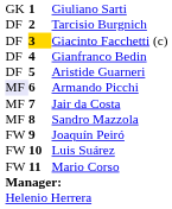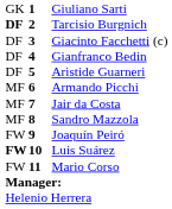 <table style="font-size:90%" cellspacing="0" cellpadding="0" align=center>
 <tr>
 <td colspan="4"></td>
 </tr>
 <tr>
 <th width=25></th>
 <th width=25></th>
 </tr>
 <tr>
 <td>GK</td>
 <td><strong>1</strong></td>
 <td> <a href='#'>Giuliano Sarti</a></td>
 </tr>
 <tr>
-<td>DF</td>
+<td><strong>DF</strong></td>
 <td><strong>2</strong></td>
 <td> <a href='#'>Tarcisio Burgnich</a></td>
 </tr>
 <tr>
 <td>DF</td>
-<td style="background: gold;"><strong>3</strong></td>
+<td><strong>3</strong></td>
 <td> <a href='#'>Giacinto Facchetti</a> (c)</td>
 </tr>
 <tr>
 <td>DF</td>
 <td><strong>4</strong></td>
 <td> <a href='#'>Gianfranco Bedin</a></td>
 </tr>
 <tr>
 <td>DF</td>
 <td><strong>5</strong></td>
 <td> <a href='#'>Aristide Guarneri</a></td>
 </tr>
 <tr>
-<td style="background: lavender;">MF</td>
+<td>MF</td>
 <td><strong>6</strong></td>
 <td> <a href='#'>Armando Picchi</a></td>
 </tr>
 <tr>
 <td>MF</td>
 <td><strong>7</strong></td>
 <td> <a href='#'>Jair da Costa</a></td>
 </tr>
 <tr>
 <td>MF</td>
 <td><strong>8</strong></td>
 <td> <a href='#'>Sandro Mazzola</a></td>
 </tr>
 <tr>
 <td>FW</td>
 <td><strong>9</strong></td>
 <td> <a href='#'>Joaquín Peiró</a></td>
 </tr>
 <tr>
-<td>FW</td>
+<td><strong>FW</strong></td>
 <td><strong>10</strong></td>
 <td> <a href='#'>Luis Suárez</a></td>
 </tr>
 <tr>
 <td>FW</td>
 <td><strong>11</strong></td>
 <td> <a href='#'>Mario Corso</a></td>
 </tr>
 <tr>
 <td colspan=3><strong>Manager:</strong></td>
 </tr>
 <tr>
 <td colspan=4> <a href='#'>Helenio Herrera</a></td>
 </tr>
 </table>
